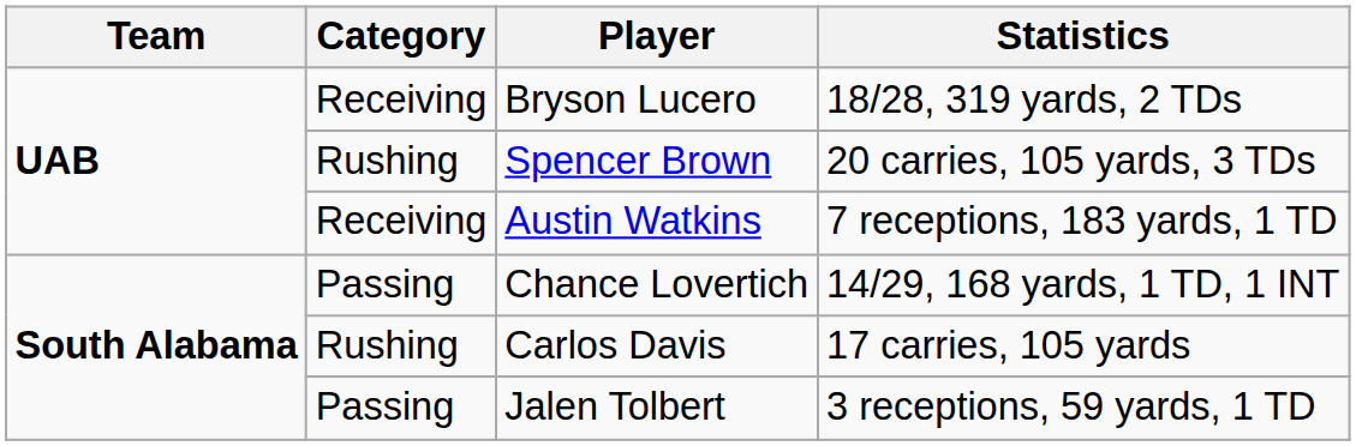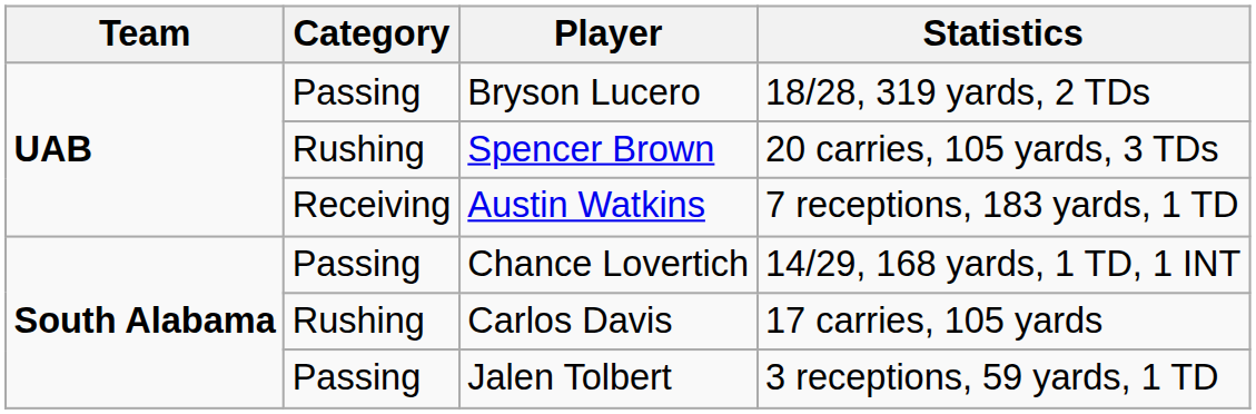 <table class="wikitable" style="float: left;">
 <tr>
 <th>Team</th>
 <th>Category</th>
 <th>Player</th>
 <th>Statistics</th>
 </tr>
 <tr>
 <td rowspan=3><strong>UAB</strong></td>
-<td>Receiving</td>
+<td>Passing</td>
 <td>Bryson Lucero</td>
 <td>18/28, 319 yards, 2 TDs</td>
 </tr>
 <tr>
 <td>Rushing</td>
 <td><a href='#'>Spencer Brown</a></td>
 <td>20 carries, 105 yards, 3 TDs</td>
 </tr>
 <tr>
 <td>Receiving</td>
 <td><a href='#'>Austin Watkins</a></td>
 <td>7 receptions, 183 yards, 1 TD</td>
 </tr>
 <tr>
 <td rowspan=3><strong>South Alabama</strong></td>
 <td>Passing</td>
 <td>Chance Lovertich</td>
 <td>14/29, 168 yards, 1 TD, 1 INT</td>
 </tr>
 <tr>
 <td>Rushing</td>
 <td>Carlos Davis</td>
 <td>17 carries, 105 yards</td>
 </tr>
 <tr>
 <td>Passing</td>
 <td>Jalen Tolbert</td>
 <td>3 receptions, 59 yards, 1 TD</td>
 </tr>
 </table>
